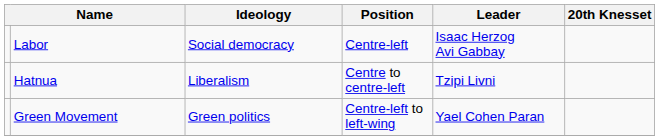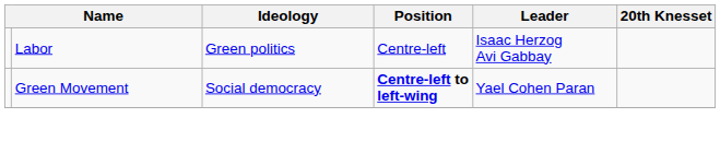 <table class="wikitable">
 <tr>
 <th colspan=2>Name</th>
 <th>Ideology</th>
 <th>Position</th>
 <th>Leader</th>
 <th>20th Knesset</th>
 </tr>
 <tr>
 <td style="background: "></td>
 <td style="width:200px"><a href='#'>Labor</a></td>
-<td style="width:180px"><a href='#'>Social democracy</a></td>
+<td style="width:180px"><a href='#'>Green politics</a></td>
 <td style="width:100px"><a href='#'>Centre-left</a></td>
 <td style="width:150px"><a href='#'>Isaac Herzog</a> <br> <a href='#'>Avi Gabbay</a></td>
 <td></td>
 </tr>
 <tr>
 <td style="background: "></td>
-<td style="width:200px"><a href='#'>Hatnua</a></td>
-<td style="width:180px"><a href='#'>Liberalism</a></td>
-<td style="width:100px"><a href='#'>Centre</a> to <a href='#'>centre-left</a></td>
-<td style="width:150px"><a href='#'>Tzipi Livni</a></td>
-<td></td>
-</tr>
-<tr>
-<td style="background: "></td>
 <td style="width:200px"><a href='#'>Green Movement</a></td>
-<td style="width:180px"><a href='#'>Green politics</a></td>
-<td style="width:100px"><a href='#'>Centre-left</a> to <a href='#'>left-wing</a></td>
+<td style="width:180px"><a href='#'>Social democracy</a></td>
+<td style="width:100px"><strong><a href='#'>Centre-left</a> to <a href='#'>left-wing</a></strong></td>
 <td style="width:150px"><a href='#'>Yael Cohen Paran</a></td>
 <td></td>
 </tr>
 <tr>
 </tr>
 </table>
